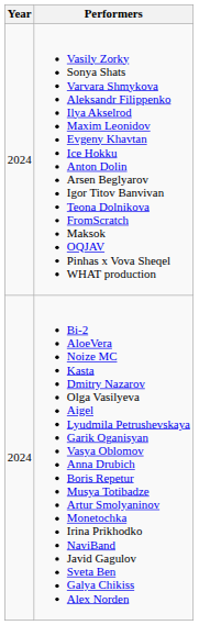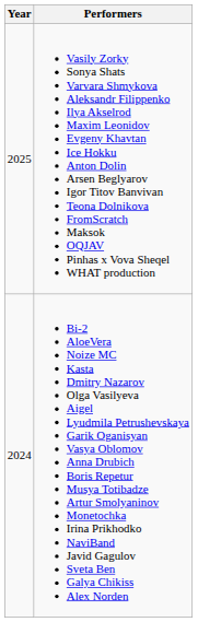 <table class="wikitable">
 <tr>
 <th>Year</th>
 <th>Performers</th>
 </tr>
 <tr>
-<td>2024</td>
+<td>2025</td>
 <td><br><ul><li><a href='#'>Vasily Zorky</a></li><li>Sonya Shats</li><li><a href='#'>Varvara Shmykova</a></li><li><a href='#'>Aleksandr Filippenko</a></li><li><a href='#'>Ilya Akselrod</a></li><li><a href='#'>Maxim Leonidov</a></li><li><a href='#'>Evgeny Khavtan</a></li><li><a href='#'>Ice Hokku</a></li><li><a href='#'>Anton Dolin</a></li><li>Arsen Beglyarov</li><li>Igor Titov Banvivan</li><li><a href='#'>Teona Dolnikova</a></li><li><a href='#'>FromScratch</a></li><li>Maksok</li><li><a href='#'>OQJAV</a></li><li>Pinhas x Vova Sheqel</li><li>WHAT production</li></ul></td>
 </tr>
 <tr>
 <td>2024</td>
 <td><br><ul><li><a href='#'>Bi-2</a></li><li><a href='#'>AloeVera</a></li><li><a href='#'>Noize MC</a></li><li><a href='#'>Kasta</a></li><li><a href='#'>Dmitry Nazarov</a></li><li>Olga Vasilyeva</li><li><a href='#'>Aigel</a></li><li><a href='#'>Lyudmila Petrushevskaya</a></li><li><a href='#'>Garik Oganisyan</a></li><li><a href='#'>Vasya Oblomov</a></li><li><a href='#'>Anna Drubich</a></li><li><a href='#'>Boris Repetur</a></li><li><a href='#'>Musya Totibadze</a></li><li><a href='#'>Artur Smolyaninov</a></li><li><a href='#'>Monetochka</a></li><li>Irina Prikhodko</li><li><a href='#'>NaviBand</a></li><li>Javid Gagulov</li><li><a href='#'>Sveta Ben</a></li><li><a href='#'>Galya Chikiss</a></li><li><a href='#'>Alex Norden</a></li></ul></td>
 </tr>
 </table>
